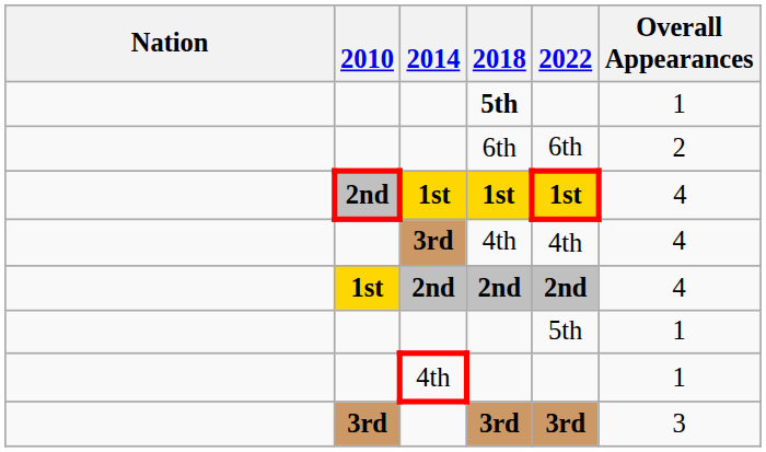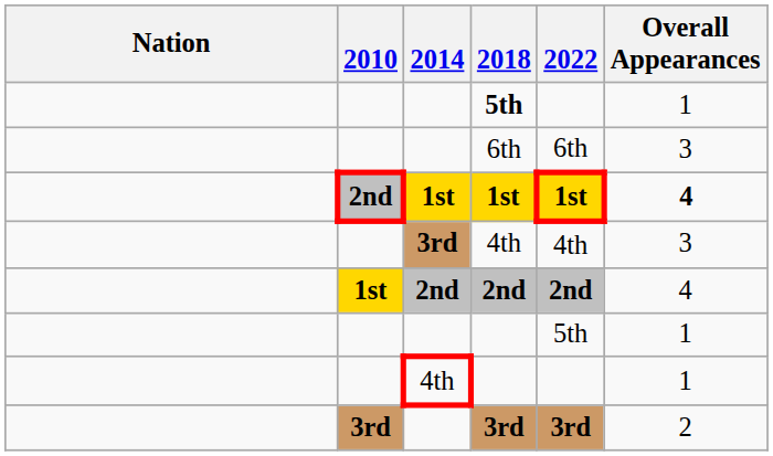 <table class="wikitable" style="text-align:center; font-size:90%">
 <tr>
 <th width=170>Nation</th>
 <th><br><a href='#'>2010</a></th>
 <th><br><a href='#'>2014</a></th>
 <th><br><a href='#'>2018</a></th>
 <th><br><a href='#'>2022</a></th>
 <th>Overall<br>Appearances</th>
 </tr>
 <tr>
 <td align=left></td>
 <td></td>
 <td></td>
 <td><strong>5th</strong></td>
 <td></td>
 <td>1</td>
 </tr>
 <tr>
 <td align=left></td>
 <td></td>
 <td></td>
 <td>6th</td>
 <td>6th</td>
-<td>2</td>
+<td>3</td>
 </tr>
 <tr>
 <td align=left></td>
 <td bgcolor=silver style="border: 3px solid red"><strong>2nd</strong></td>
 <td bgcolor=gold><strong>1st</strong></td>
 <td bgcolor=gold><strong>1st</strong></td>
 <td style="border: 3px solid  red" bgcolor=gold><strong>1st</strong></td>
-<td>4</td>
+<td><strong>4</strong></td>
 </tr>
 <tr>
 <td align=left></td>
 <td></td>
 <td bgcolor=#cc9966><strong>3rd</strong></td>
 <td>4th</td>
 <td>4th</td>
-<td>4</td>
+<td>3</td>
 </tr>
 <tr>
 <td align=left></td>
 <td bgcolor=gold><strong>1st</strong></td>
 <td bgcolor=silver><strong>2nd</strong></td>
 <td bgcolor=silver><strong>2nd</strong></td>
 <td bgcolor=silver><strong>2nd</strong></td>
 <td>4</td>
 </tr>
 <tr>
 <td align=left></td>
 <td></td>
 <td></td>
 <td></td>
 <td>5th</td>
 <td>1</td>
 </tr>
 <tr>
 <td align=left></td>
 <td></td>
 <td style="border: 3px solid red">4th</td>
 <td></td>
 <td></td>
 <td>1</td>
 </tr>
 <tr>
 <td align=left></td>
 <td bgcolor=#cc9966><strong>3rd</strong></td>
 <td></td>
 <td bgcolor=#cc9966><strong>3rd</strong></td>
 <td bgcolor=#cc9966><strong>3rd</strong></td>
-<td>3</td>
+<td>2</td>
 </tr>
 </table>
